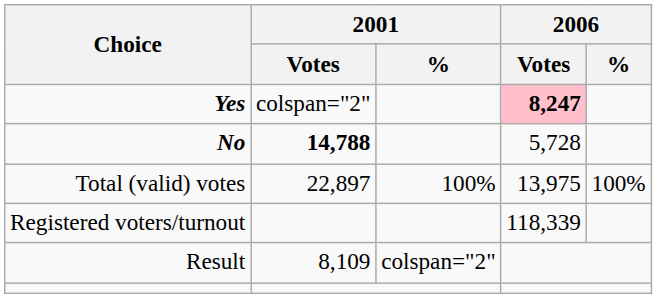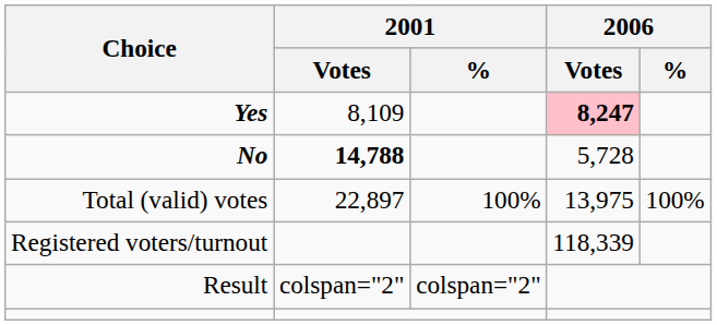 <table class="wikitable" style="text-align:right; line-height:1.25em; font-size:100%;">
 <tr>
 <th rowspan="2">Choice</th>
 <th colspan="2">2001<br></th>
 <th colspan="2">2006<br></th>
 </tr>
 <tr>
 <th>Votes</th>
 <th>%</th>
 <th>Votes</th>
 <th>%</th>
 </tr>
 <tr>
 <td><strong><em>Yes</em></strong></td>
-<td>colspan="2" </td>
+<td>8,109</td>
 <td></td>
 <td style="background: pink;"><strong>8,247</strong></td>
 <td><strong></strong></td>
 </tr>
 <tr>
 <td><strong><em>No</em></strong></td>
 <td><strong>14,788</strong></td>
 <td><strong></strong></td>
 <td>5,728</td>
 <td></td>
 </tr>
 <tr>
 <td>Total (valid) votes</td>
 <td>22,897</td>
 <td>100%</td>
 <td>13,975</td>
 <td>100%</td>
 </tr>
 <tr>
 <td>Registered voters/turnout</td>
 <td></td>
 <td></td>
 <td>118,339</td>
 <td></td>
 </tr>
 <tr>
 <td>Result</td>
-<td>8,109</td>
+<td>colspan="2" </td>
 <td>colspan="2" </td>
 </tr>
 <tr>
 <td align="left"></td>
 <td colspan="2" align="left"></td>
 <td colspan="2" align="left"></td>
 </tr>
 </table>
